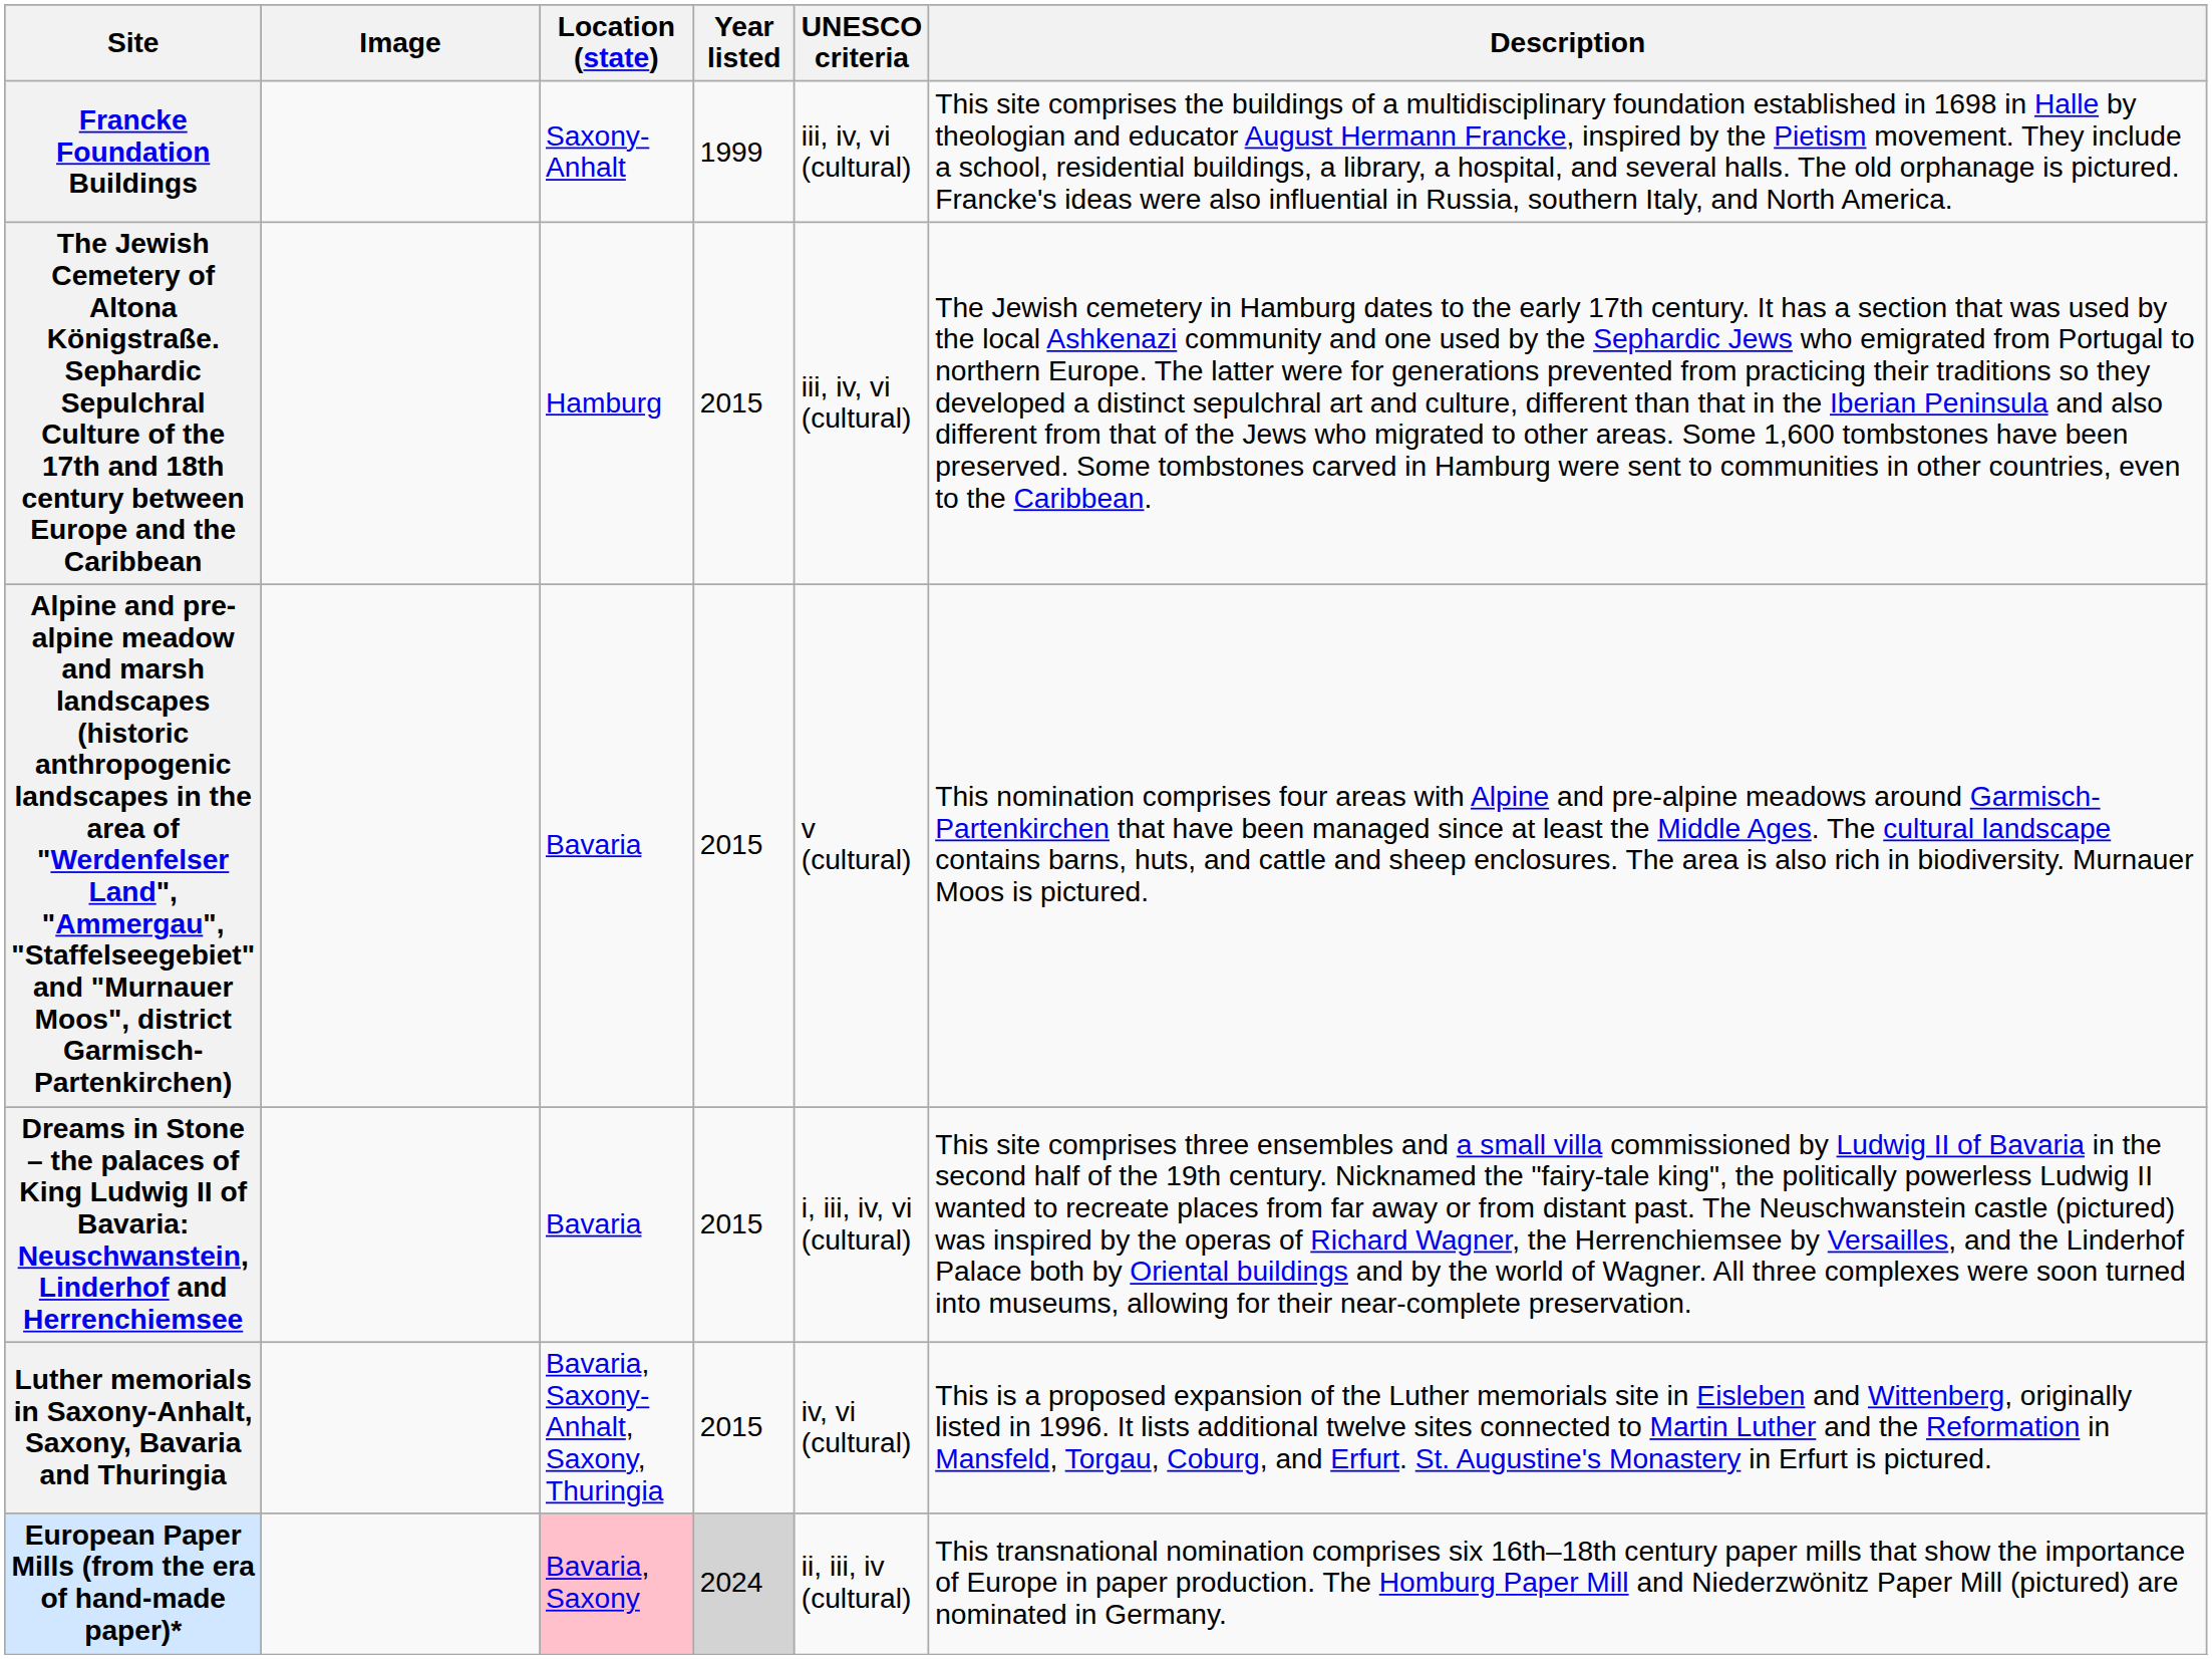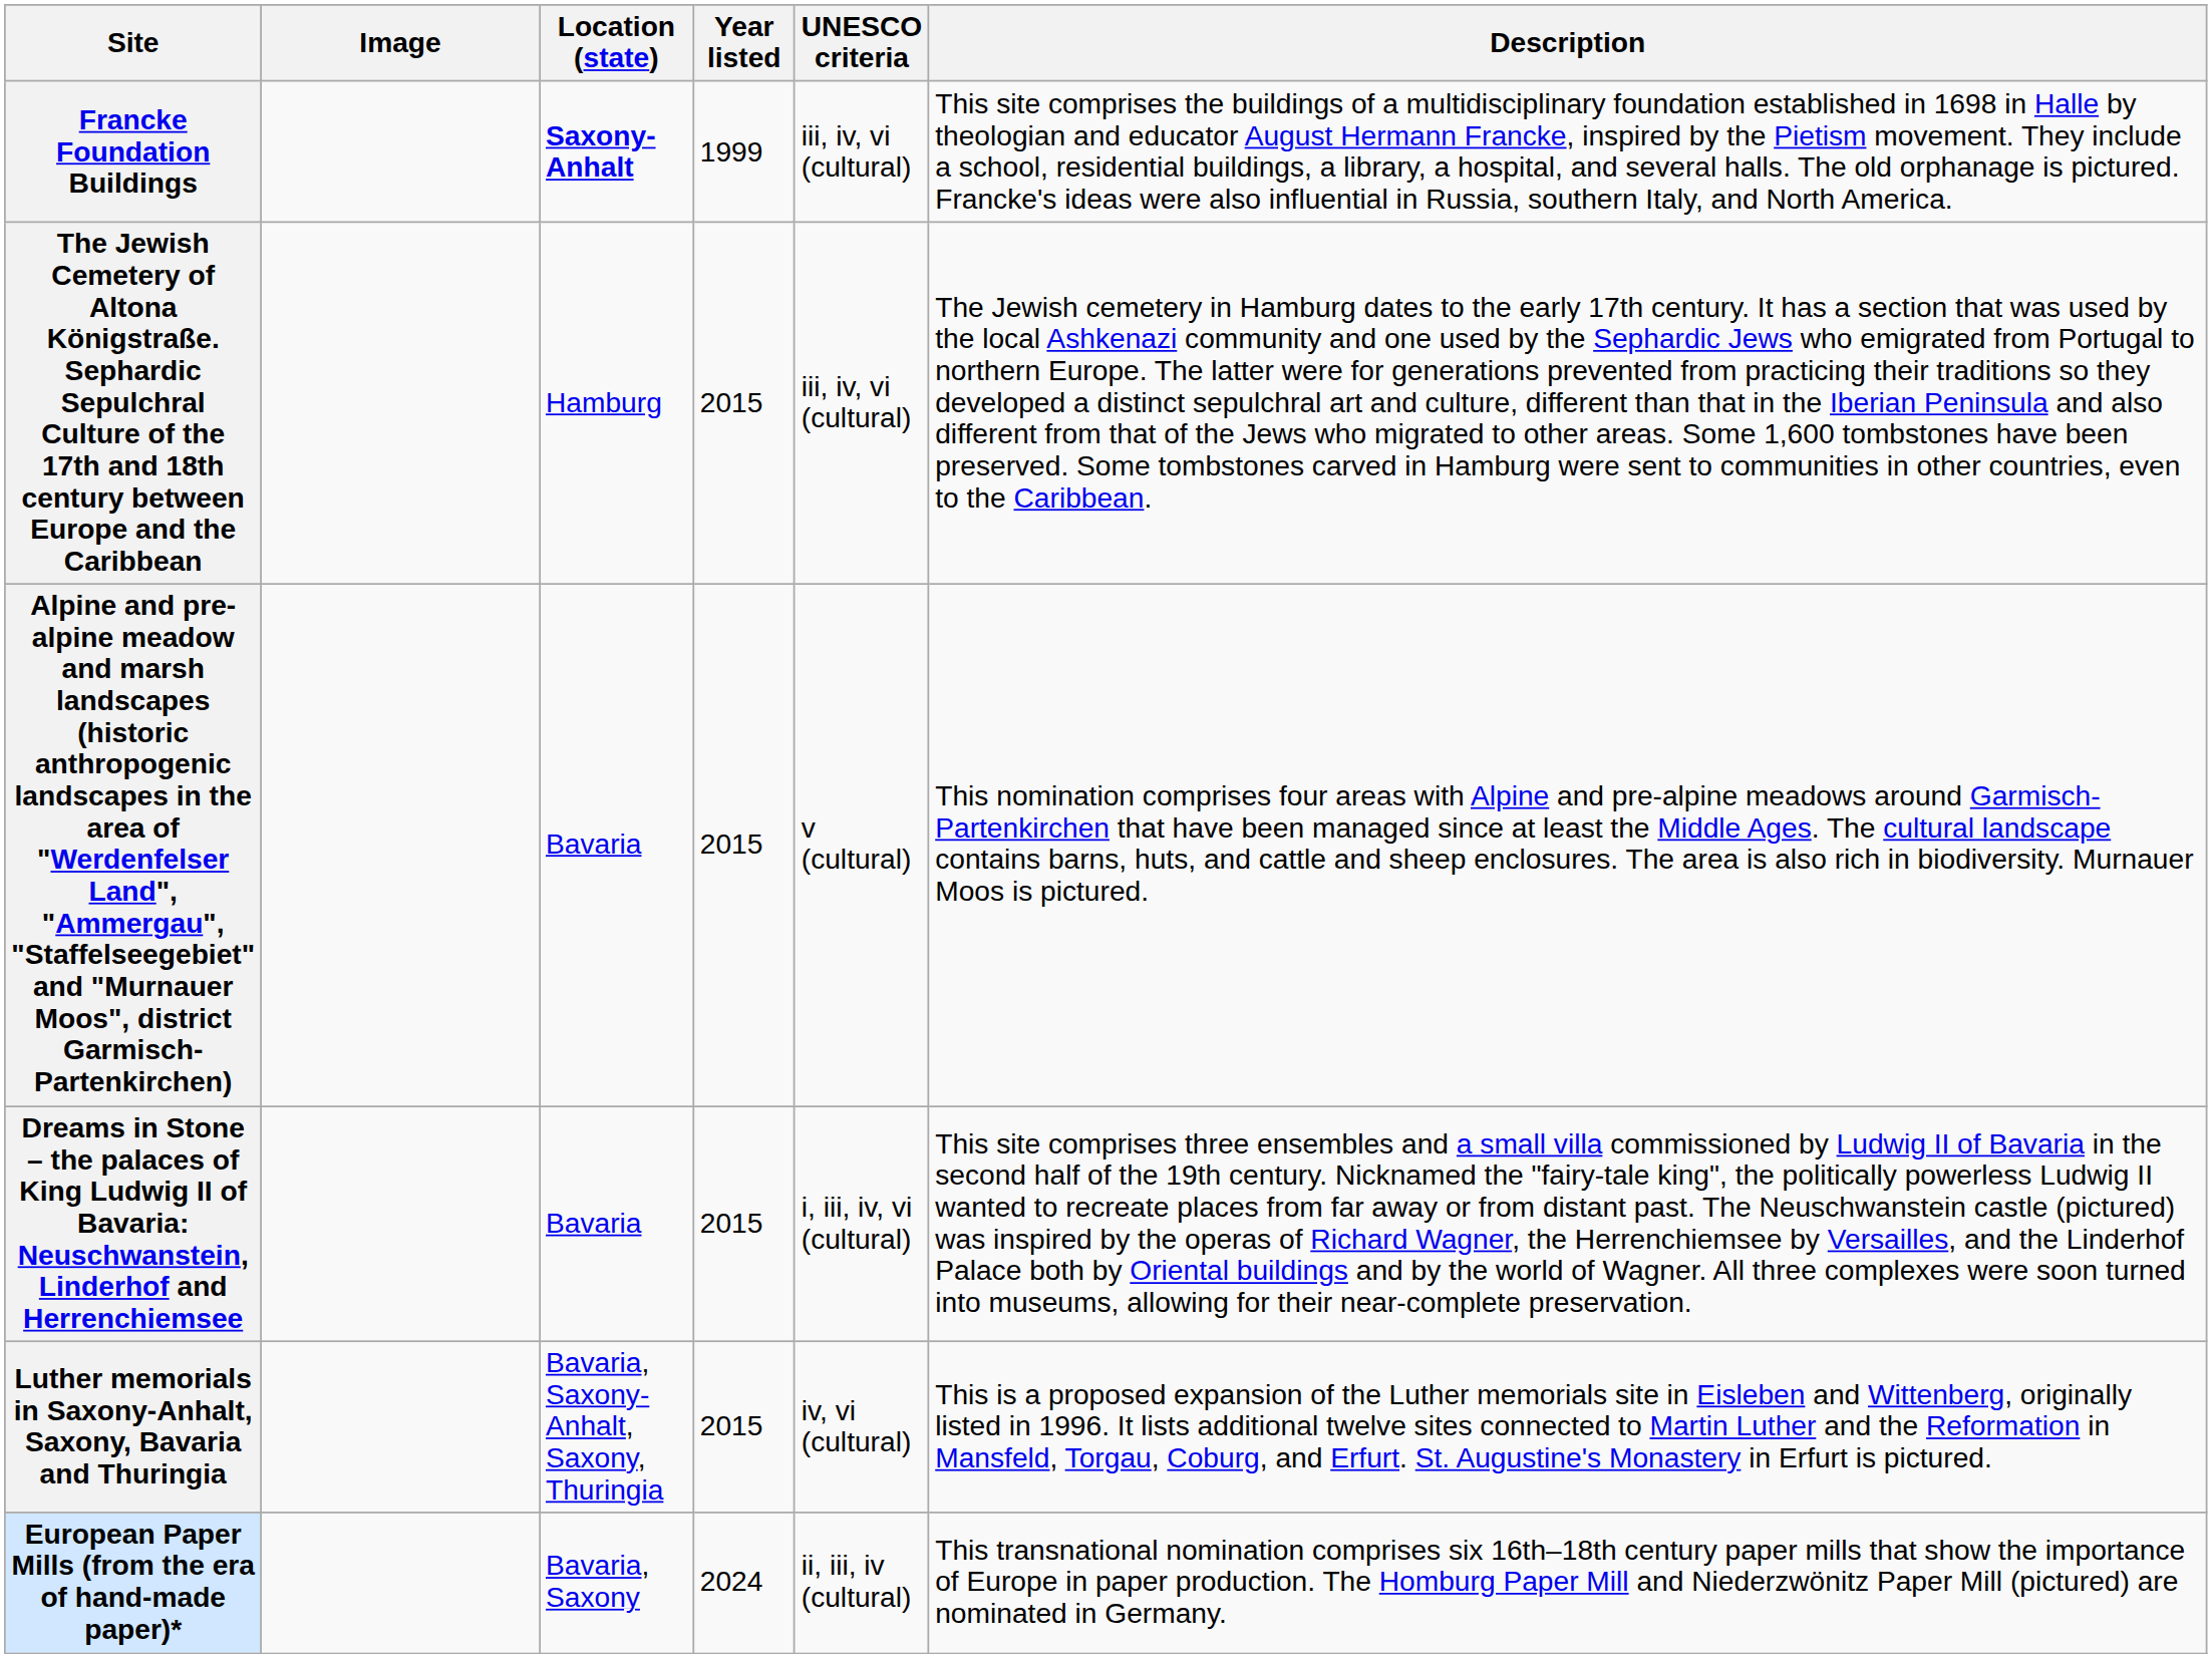 <table class="wikitable sortable plainrowheaders">
 <tr>
 <th style="width:100px;" scope="col">Site</th>
 <th class="unsortable" style="width:150px;" scope="col">Image</th>
 <th style="width:80px;" scope="col">Location (<a href='#'>state</a>)</th>
 <th style="width:50px;" scope="col">Year listed</th>
 <th style="width:60px;" scope="col">UNESCO criteria</th>
 <th scope="col" class="unsortable">Description</th>
 </tr>
 <tr>
 <th scope="row"><a href='#'>Francke Foundation</a> Buildings</th>
 <td></td>
-<td><a href='#'>Saxony-Anhalt</a></td>
+<td><strong><a href='#'>Saxony-Anhalt</a></strong></td>
 <td>1999</td>
 <td>iii, iv, vi (cultural)</td>
 <td>This site comprises the buildings of a multidisciplinary foundation established in 1698 in <a href='#'>Halle</a> by theologian and educator <a href='#'>August Hermann Francke</a>, inspired by the <a href='#'>Pietism</a> movement. They include a school, residential buildings, a library, a hospital, and several halls. The old orphanage is pictured. Francke's ideas were also influential in Russia, southern Italy, and North America.</td>
 </tr>
 <tr>
 <th scope="row">The Jewish Cemetery of Altona Königstraße. Sephardic Sepulchral Culture of the 17th and 18th century between Europe and the Caribbean</th>
 <td></td>
 <td><a href='#'>Hamburg</a></td>
 <td>2015</td>
 <td>iii, iv, vi (cultural)</td>
 <td>The Jewish cemetery in Hamburg dates to the early 17th century. It has a section that was used by the local <a href='#'>Ashkenazi</a> community and one used by the <a href='#'>Sephardic Jews</a> who emigrated from Portugal to northern Europe. The latter were for generations prevented from practicing their traditions so they developed a distinct sepulchral art and culture, different than that in the <a href='#'>Iberian Peninsula</a> and also different from that of the Jews who migrated to other areas. Some 1,600 tombstones have been preserved. Some tombstones carved in Hamburg were sent to communities in other countries, even to the <a href='#'>Caribbean</a>.</td>
 </tr>
 <tr>
 <th scope="row">Alpine and pre-alpine meadow and marsh landscapes (historic anthropogenic landscapes in the area of "<a href='#'>Werdenfelser Land</a>", "<a href='#'>Ammergau</a>", "Staffelseegebiet" and "Murnauer Moos", district Garmisch-Partenkirchen)</th>
 <td></td>
 <td><a href='#'>Bavaria</a></td>
 <td>2015</td>
 <td>v (cultural)</td>
 <td>This nomination comprises four areas with <a href='#'>Alpine</a> and pre-alpine meadows around <a href='#'>Garmisch-Partenkirchen</a> that have been managed since at least the <a href='#'>Middle Ages</a>. The <a href='#'>cultural landscape</a> contains barns, huts, and cattle and sheep enclosures. The area is also rich in biodiversity. Murnauer Moos is pictured.</td>
 </tr>
 <tr>
 <th scope="row">Dreams in Stone – the palaces of King Ludwig II of Bavaria: <a href='#'>Neuschwanstein</a>, <a href='#'>Linderhof</a> and <a href='#'>Herrenchiemsee</a></th>
 <td></td>
 <td><a href='#'>Bavaria</a></td>
 <td>2015</td>
 <td>i, iii, iv, vi (cultural)</td>
 <td>This site comprises three ensembles and <a href='#'>a small villa</a> commissioned by <a href='#'>Ludwig II of Bavaria</a> in the second half of the 19th century. Nicknamed the "fairy-tale king", the politically powerless Ludwig II wanted to recreate places from far away or from distant past. The Neuschwanstein castle (pictured) was inspired by the operas of <a href='#'>Richard Wagner</a>, the Herrenchiemsee by <a href='#'>Versailles</a>, and the Linderhof Palace both by <a href='#'>Oriental buildings</a> and by the world of Wagner. All three complexes were soon turned into museums, allowing for their near-complete preservation.</td>
 </tr>
 <tr>
 <th scope="row">Luther memorials in Saxony-Anhalt, Saxony, Bavaria and Thuringia</th>
 <td></td>
 <td><a href='#'>Bavaria</a>, <a href='#'>Saxony-Anhalt</a>, <a href='#'>Saxony</a>, <a href='#'>Thuringia</a></td>
 <td>2015</td>
 <td>iv, vi (cultural)</td>
 <td>This is a proposed expansion of the Luther memorials site in <a href='#'>Eisleben</a> and <a href='#'>Wittenberg</a>, originally listed in 1996. It lists additional twelve sites connected to <a href='#'>Martin Luther</a> and the <a href='#'>Reformation</a> in <a href='#'>Mansfeld</a>, <a href='#'>Torgau</a>, <a href='#'>Coburg</a>, and <a href='#'>Erfurt</a>. <a href='#'>St. Augustine's Monastery</a> in Erfurt is pictured.</td>
 </tr>
 <tr>
 <th scope="row" style="background:#D0E7FF;">European Paper Mills (from the era of hand-made paper)*</th>
 <td></td>
-<td style="background: pink;"><a href='#'>Bavaria</a>, <a href='#'>Saxony</a></td>
-<td style="background: lightgrey;">2024</td>
+<td><a href='#'>Bavaria</a>, <a href='#'>Saxony</a></td>
+<td>2024</td>
 <td>ii, iii, iv<br>(cultural)</td>
 <td>This transnational nomination comprises six 16th–18th century paper mills that show the importance of Europe in paper production. The <a href='#'>Homburg Paper Mill</a> and Niederzwönitz Paper Mill (pictured) are nominated in Germany.</td>
 </tr>
 <tr>
 </tr>
 </table>
